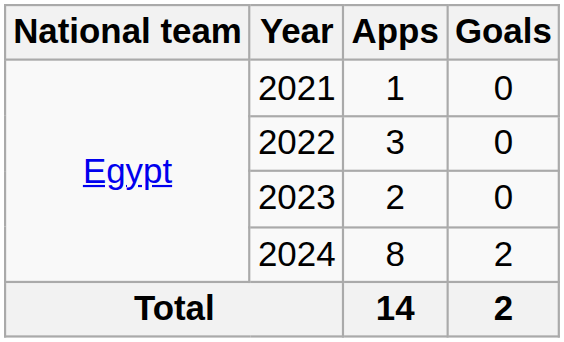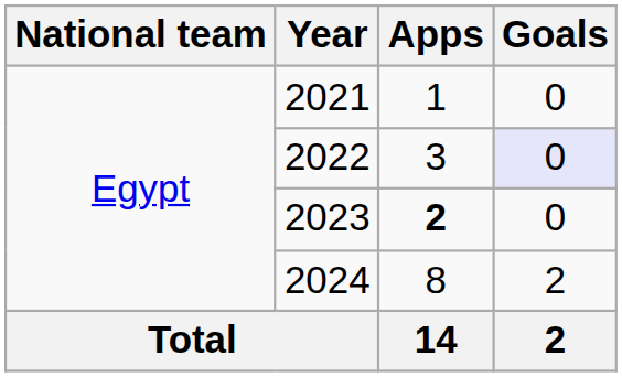 <table class="wikitable" style="text-align: center;">
 <tr>
 <th>National team</th>
 <th>Year</th>
 <th>Apps</th>
 <th>Goals</th>
 </tr>
 <tr>
 <td rowspan="4"><a href='#'>Egypt</a></td>
 <td>2021</td>
 <td>1</td>
 <td>0</td>
 </tr>
 <tr>
 <td>2022</td>
 <td>3</td>
-<td>0</td>
+<td style="background: lavender;">0</td>
 </tr>
 <tr>
 <td>2023</td>
-<td>2</td>
+<td><strong>2</strong></td>
 <td>0</td>
 </tr>
 <tr>
 <td>2024</td>
 <td>8</td>
 <td>2</td>
 </tr>
 <tr>
 <th colspan="2">Total</th>
 <th>14</th>
 <th>2</th>
 </tr>
 </table>
